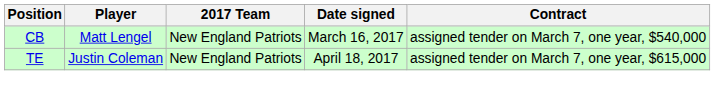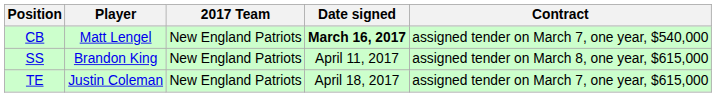 <table class="wikitable" style="text-align:center">
 <tr>
 <th>Position</th>
 <th>Player</th>
 <th>2017 Team</th>
 <th>Date signed</th>
 <th>Contract</th>
 </tr>
 <tr style="background:#cfc">
 <td><a href='#'>CB</a></td>
 <td><a href='#'>Matt Lengel</a></td>
 <td>New England Patriots</td>
-<td>March 16, 2017</td>
+<td><strong>March 16, 2017</strong></td>
 <td>assigned tender on March 7, one year, $540,000</td>
+</tr>
+<tr style="background:#cfc">
+<td><a href='#'>SS</a></td>
+<td><a href='#'>Brandon King</a></td>
+<td>New England Patriots</td>
+<td>April 11, 2017</td>
+<td>assigned tender on March 8, one year, $615,000</td>
 </tr>
 <tr style="background:#cfc">
 <td><a href='#'>TE</a></td>
 <td><a href='#'>Justin Coleman</a></td>
 <td>New England Patriots</td>
 <td>April 18, 2017</td>
 <td>assigned tender on March 7, one year, $615,000</td>
 </tr>
 </table>
